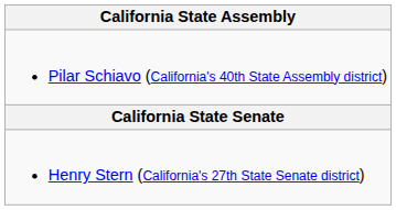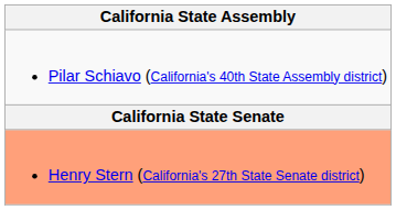 <table class="wikitable">
 <tr>
 <th>California State Assembly</th>
 </tr>
 <tr>
 <td><br><ul><li><a href='#'>Pilar Schiavo</a> (<small><a href='#'>California's 40th State Assembly district</a></small>)</li></ul></td>
 </tr>
 <tr>
 <th>California State Senate</th>
 </tr>
 <tr>
-<td><br><ul><li><a href='#'>Henry Stern</a> (<small><a href='#'>California's 27th State Senate district</a></small>)</li></ul></td>
+<td style="background: lightsalmon;"><br><ul><li><a href='#'>Henry Stern</a> (<small><a href='#'>California's 27th State Senate district</a></small>)</li></ul></td>
 </tr>
 </table>
